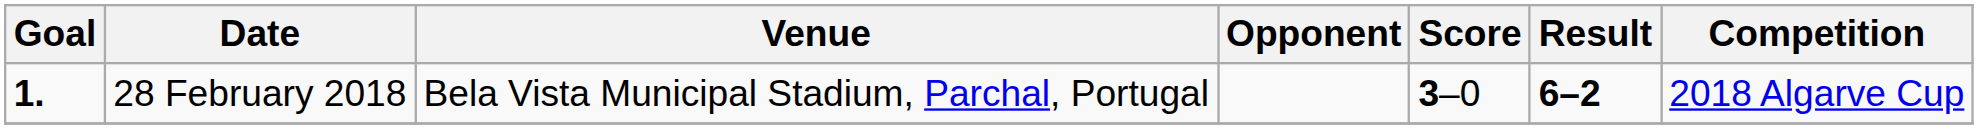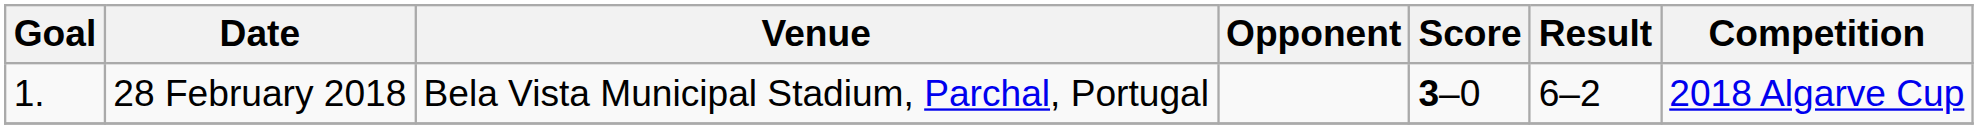 <table class="wikitable">
 <tr>
 <th>Goal</th>
 <th>Date</th>
 <th>Venue</th>
 <th>Opponent</th>
 <th>Score</th>
 <th>Result</th>
 <th>Competition</th>
 </tr>
 <tr>
-<td><strong>1.</strong></td>
+<td>1.</td>
 <td>28 February 2018</td>
 <td>Bela Vista Municipal Stadium, <a href='#'>Parchal</a>, Portugal</td>
 <td></td>
 <td align=left><strong>3</strong>–0</td>
-<td align=left><strong>6–2</strong></td>
+<td align=left>6–2</td>
 <td><a href='#'>2018 Algarve Cup</a></td>
 </tr>
 <tr>
 </tr>
 </table>
